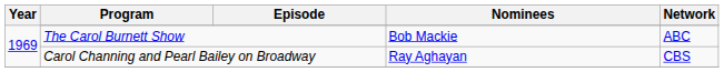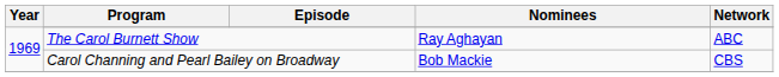 <table class="wikitable">
 <tr>
 <th width="5%">Year</th>
 <th width="25%">Program</th>
 <th width="25%">Episode</th>
 <th width="40%">Nominees</th>
 <th width="5%">Network</th>
 </tr>
 <tr>
 <td rowspan="3" style="text-align:center;"><a href='#'>1969</a><br></td>
 </tr>
 <tr>
 <td colspan=2><em><a href='#'>The Carol Burnett Show</a></em></td>
-<td><a href='#'>Bob Mackie</a></td>
+<td><a href='#'>Ray Aghayan</a></td>
 <td><a href='#'>ABC</a></td>
 </tr>
 <tr>
 <td colspan=2><em>Carol Channing and Pearl Bailey on Broadway</em></td>
-<td><a href='#'>Ray Aghayan</a></td>
+<td><a href='#'>Bob Mackie</a></td>
 <td><a href='#'>CBS</a></td>
 </tr>
 <tr>
 </tr>
 </table>
